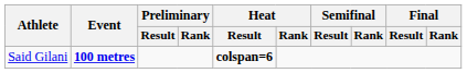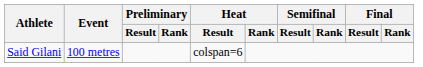 <table class="wikitable" style="font-size:90%">
 <tr>
 <th rowspan="2">Athlete</th>
 <th rowspan="2">Event</th>
 <th colspan="2">Preliminary</th>
 <th colspan="2">Heat</th>
 <th colspan="2">Semifinal</th>
 <th colspan="2">Final</th>
 </tr>
 <tr style="font-size:95%">
 <th>Result</th>
 <th>Rank</th>
 <th>Result</th>
 <th>Rank</th>
 <th>Result</th>
 <th>Rank</th>
 <th>Result</th>
 <th>Rank</th>
 </tr>
 <tr align=center>
 <td align=left><a href='#'>Said Gilani</a></td>
-<td align=left><strong><a href='#'>100 metres</a></strong></td>
+<td align=left><a href='#'>100 metres</a></td>
 <td colspan=2></td>
-<td><strong>colspan=6 </strong></td>
+<td>colspan=6 </td>
 </tr>
 </table>
